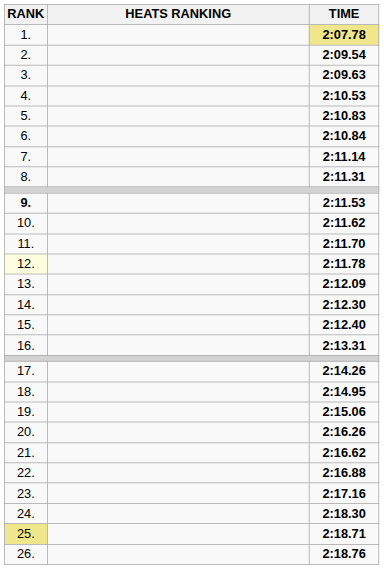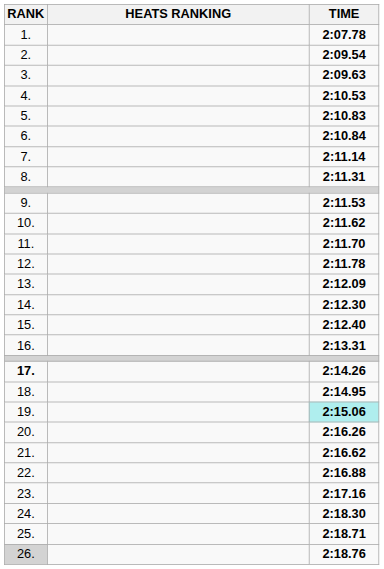 <table class="wikitable">
 <tr>
 <th>RANK</th>
 <th style="width: 20em">HEATS RANKING</th>
 <th style="width: 5em">TIME</th>
 </tr>
 <tr>
 <td align="center">1.</td>
 <td></td>
-<td align="center" style="background: khaki;"><strong>2:07.78</strong></td>
+<td align="center"><strong>2:07.78</strong></td>
 </tr>
 <tr>
 <td align="center">2.</td>
 <td></td>
 <td align="center"><strong>2:09.54</strong></td>
 </tr>
 <tr>
 <td align="center">3.</td>
 <td></td>
 <td align="center"><strong>2:09.63</strong></td>
 </tr>
 <tr>
 <td align="center">4.</td>
 <td></td>
 <td align="center"><strong>2:10.53</strong></td>
 </tr>
 <tr>
 <td align="center">5.</td>
 <td></td>
 <td align="center"><strong>2:10.83</strong></td>
 </tr>
 <tr>
 <td align="center">6.</td>
 <td></td>
 <td align="center"><strong>2:10.84</strong></td>
 </tr>
 <tr>
 <td align="center">7.</td>
 <td></td>
 <td align="center"><strong>2:11.14</strong></td>
 </tr>
 <tr>
 <td align="center">8.</td>
 <td></td>
 <td align="center"><strong>2:11.31</strong></td>
 </tr>
 <tr>
 <td colspan=3 bgcolor=lightgray></td>
 </tr>
 <tr>
-<td align="center"><strong>9.</strong></td>
+<td align="center">9.</td>
 <td></td>
 <td align="center"><strong>2:11.53</strong></td>
 </tr>
 <tr>
 <td align="center">10.</td>
 <td></td>
 <td align="center"><strong>2:11.62</strong></td>
 </tr>
 <tr>
 <td align="center">11.</td>
 <td></td>
 <td align="center"><strong>2:11.70</strong></td>
 </tr>
 <tr>
-<td align="center" style="background: lightyellow;">12.</td>
+<td align="center">12.</td>
 <td></td>
 <td align="center"><strong>2:11.78</strong></td>
 </tr>
 <tr>
 <td align="center">13.</td>
 <td></td>
 <td align="center"><strong>2:12.09</strong></td>
 </tr>
 <tr>
 <td align="center">14.</td>
 <td></td>
 <td align="center"><strong>2:12.30</strong></td>
 </tr>
 <tr>
 <td align="center">15.</td>
 <td></td>
 <td align="center"><strong>2:12.40</strong></td>
 </tr>
 <tr>
 <td align="center">16.</td>
 <td></td>
 <td align="center"><strong>2:13.31</strong></td>
 </tr>
 <tr>
 <td colspan=3 bgcolor=lightgray></td>
 </tr>
 <tr>
-<td align="center">17.</td>
+<td align="center"><strong>17.</strong></td>
 <td></td>
 <td align="center"><strong>2:14.26</strong></td>
 </tr>
 <tr>
 <td align="center">18.</td>
 <td></td>
 <td align="center"><strong>2:14.95</strong></td>
 </tr>
 <tr>
 <td align="center">19.</td>
 <td></td>
-<td align="center"><strong>2:15.06</strong></td>
+<td align="center" style="background: paleturquoise;"><strong>2:15.06</strong></td>
 </tr>
 <tr>
 <td align="center">20.</td>
 <td></td>
 <td align="center"><strong>2:16.26</strong></td>
 </tr>
 <tr>
 <td align="center">21.</td>
 <td></td>
 <td align="center"><strong>2:16.62</strong></td>
 </tr>
 <tr>
 <td align="center">22.</td>
 <td></td>
 <td align="center"><strong>2:16.88</strong></td>
 </tr>
 <tr>
 <td align="center">23.</td>
 <td></td>
 <td align="center"><strong>2:17.16</strong></td>
 </tr>
 <tr>
 <td align="center">24.</td>
 <td></td>
 <td align="center"><strong>2:18.30</strong></td>
 </tr>
 <tr>
-<td align="center" style="background: khaki;">25.</td>
+<td align="center">25.</td>
 <td></td>
 <td align="center"><strong>2:18.71</strong></td>
 </tr>
 <tr>
-<td align="center">26.</td>
+<td align="center" style="background: lightgrey;">26.</td>
 <td></td>
 <td align="center"><strong>2:18.76</strong></td>
 </tr>
 </table>
